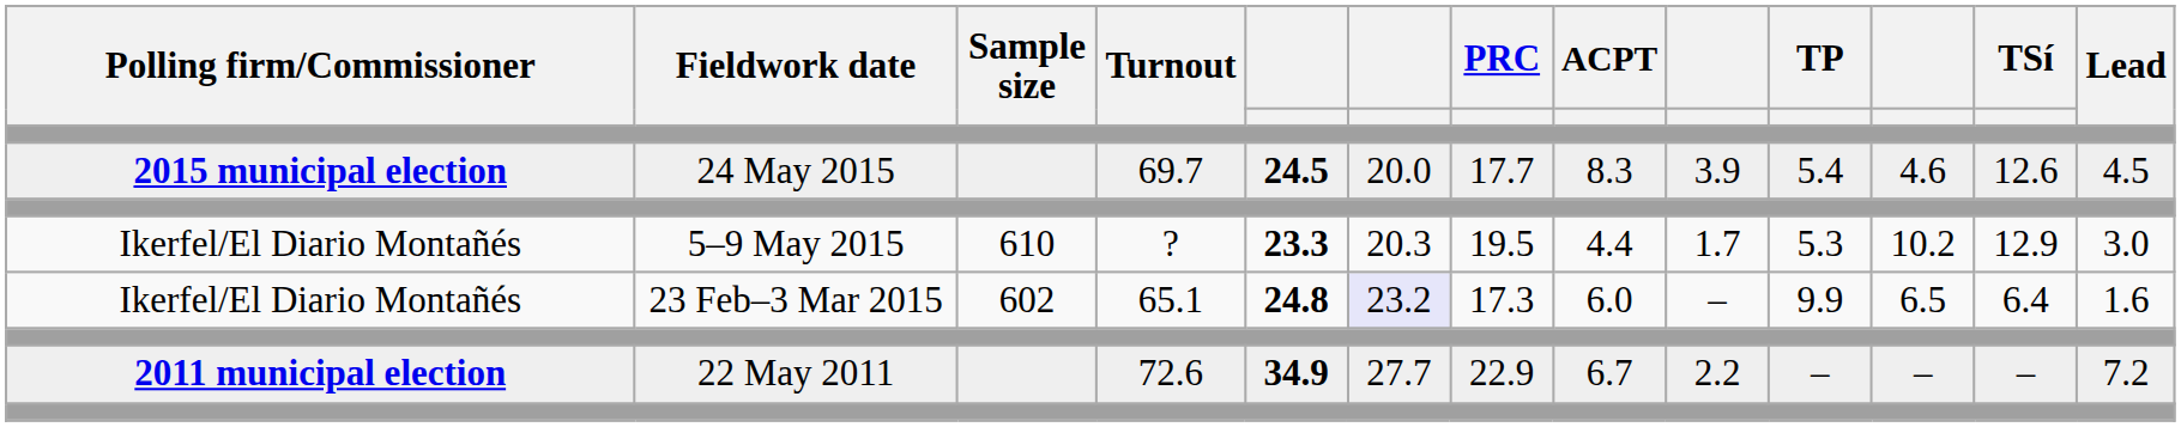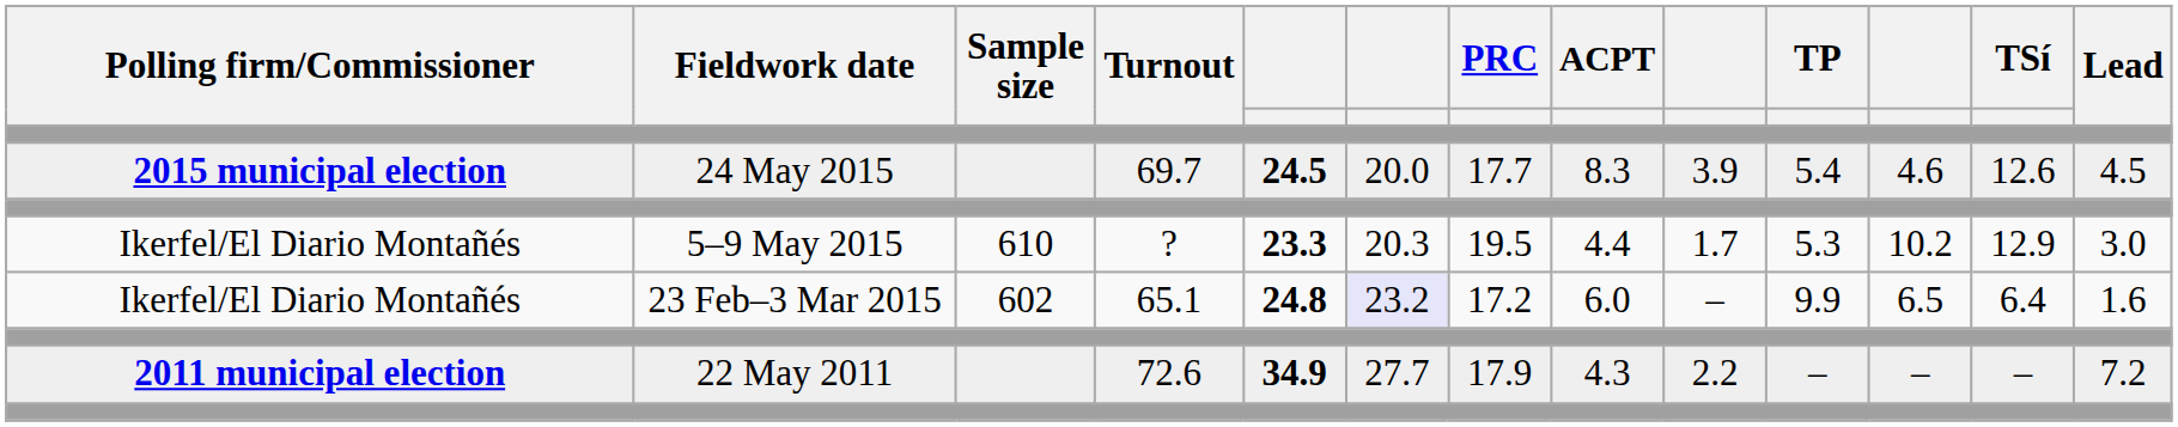 <table class="wikitable collapsible collapsed" style="text-align:center; font-size:95%; line-height:16px;">
 <tr style="height:42px;">
 <th style="width:250px;" rowspan="2">Polling firm/Commissioner</th>
 <th style="width:125px;" rowspan="2">Fieldwork date</th>
 <th style="width:50px;" rowspan="2">Sample size</th>
 <th style="width:45px;" rowspan="2">Turnout</th>
 <th style="width:35px;"></th>
 <th style="width:35px;"></th>
 <th style="width:35px;"><a href='#'>PRC</a></th>
 <th style="width:35px; font-size:95%;">ACPT</th>
 <th style="width:35px;"></th>
 <th style="width:35px;">TP</th>
 <th style="width:35px;"></th>
 <th style="width:35px;">TSí</th>
 <th style="width:30px;" rowspan="2">Lead</th>
 </tr>
 <tr>
 <th style="color:inherit;background:"></th>
 <th style="color:inherit;background:"></th>
 <th style="color:inherit;background:"></th>
 <th style="color:inherit;background:"></th>
 <th style="color:inherit;background:"></th>
 <th style="color:inherit;background:"></th>
 <th style="color:inherit;background:"></th>
 <th style="color:inherit;background:"></th>
 </tr>
 <tr>
 <td colspan="13" style="background:#A0A0A0"></td>
 </tr>
 <tr style="background:#EFEFEF;">
 <td><strong><a href='#'>2015 municipal election</a></strong></td>
 <td>24 May 2015</td>
 <td></td>
 <td>69.7</td>
 <td><strong>24.5</strong><br></td>
 <td>20.0<br></td>
 <td>17.7<br></td>
 <td>8.3<br></td>
 <td>3.9<br></td>
 <td>5.4<br></td>
 <td>4.6<br></td>
 <td>12.6<br></td>
 <td style="background:">4.5</td>
 </tr>
 <tr>
 <td colspan="13" style="background:#A0A0A0"></td>
 </tr>
 <tr>
 <td>Ikerfel/El Diario Montañés</td>
 <td>5–9 May 2015</td>
 <td>610</td>
 <td>?</td>
 <td><strong>23.3</strong><br></td>
 <td>20.3<br></td>
 <td>19.5<br></td>
 <td>4.4<br></td>
 <td>1.7<br></td>
 <td>5.3<br></td>
 <td>10.2<br></td>
 <td>12.9<br></td>
 <td style="background:">3.0</td>
 </tr>
 <tr>
 <td>Ikerfel/El Diario Montañés</td>
 <td>23 Feb–3 Mar 2015</td>
 <td>602</td>
 <td>65.1</td>
 <td><strong>24.8</strong><br></td>
 <td style="background: lavender;">23.2<br></td>
-<td>17.3<br></td>
+<td>17.2<br></td>
 <td>6.0<br></td>
 <td>–</td>
 <td>9.9<br></td>
 <td>6.5<br></td>
 <td>6.4<br></td>
 <td style="background:">1.6</td>
 </tr>
 <tr>
 <td colspan="13" style="background:#A0A0A0"></td>
 </tr>
 <tr style="background:#EFEFEF;">
 <td><strong><a href='#'>2011 municipal election</a></strong></td>
 <td>22 May 2011</td>
 <td></td>
 <td>72.6</td>
 <td><strong>34.9</strong><br></td>
 <td>27.7<br></td>
-<td>22.9<br></td>
-<td>6.7<br></td>
+<td>17.9<br></td>
+<td>4.3<br></td>
 <td>2.2<br></td>
 <td>–</td>
 <td>–</td>
 <td>–</td>
 <td style="background:">7.2</td>
 </tr>
 <tr>
 <td colspan="13" style="background:#A0A0A0"></td>
 </tr>
 </table>
